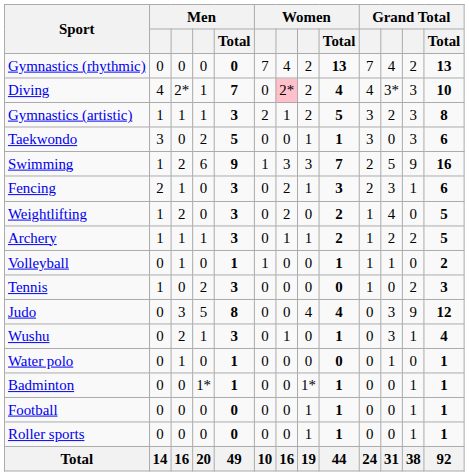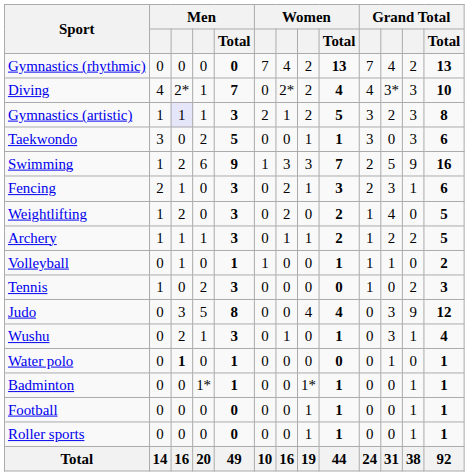 <table class="wikitable" style="font-size: 95%">
 <tr>
 <th rowspan=2>Sport</th>
 <th colspan=4>Men</th>
 <th colspan=4>Women</th>
 <th colspan=4>Grand Total</th>
 </tr>
 <tr>
 <th></th>
 <th></th>
 <th></th>
 <th>Total</th>
 <th></th>
 <th></th>
 <th></th>
 <th>Total</th>
 <th></th>
 <th></th>
 <th></th>
 <th>Total</th>
 </tr>
 <tr align=center>
 <td align=left><a href='#'>Gymnastics (rhythmic)</a></td>
 <td>0</td>
 <td>0</td>
 <td>0</td>
 <td><strong>0</strong></td>
 <td>7</td>
 <td>4</td>
 <td>2</td>
 <td><strong>13</strong></td>
 <td>7</td>
 <td>4</td>
 <td>2</td>
 <td><strong>13</strong></td>
 </tr>
 <tr align=center>
 <td align=left><a href='#'>Diving</a></td>
 <td>4</td>
 <td>2*</td>
 <td>1</td>
 <td><strong>7</strong></td>
 <td>0</td>
-<td style="background: pink;">2*</td>
+<td>2*</td>
 <td>2</td>
 <td><strong>4</strong></td>
 <td>4</td>
 <td>3*</td>
 <td>3</td>
 <td><strong>10</strong></td>
 </tr>
 <tr align=center>
 <td align=left><a href='#'>Gymnastics (artistic)</a></td>
 <td>1</td>
-<td>1</td>
+<td style="background: lavender;">1</td>
 <td>1</td>
 <td><strong>3</strong></td>
 <td>2</td>
 <td>1</td>
 <td>2</td>
 <td><strong>5</strong></td>
 <td>3</td>
 <td>2</td>
 <td>3</td>
 <td><strong>8</strong></td>
 </tr>
 <tr align=center>
 <td align=left><a href='#'>Taekwondo</a></td>
 <td>3</td>
 <td>0</td>
 <td>2</td>
 <td><strong>5</strong></td>
 <td>0</td>
 <td>0</td>
 <td>1</td>
 <td><strong>1</strong></td>
 <td>3</td>
 <td>0</td>
 <td>3</td>
 <td><strong>6</strong></td>
 </tr>
 <tr align=center>
 <td align=left><a href='#'>Swimming</a></td>
 <td>1</td>
 <td>2</td>
 <td>6</td>
 <td><strong>9</strong></td>
 <td>1</td>
 <td>3</td>
 <td>3</td>
 <td><strong>7</strong></td>
 <td>2</td>
 <td>5</td>
 <td>9</td>
 <td><strong>16</strong></td>
 </tr>
 <tr align=center>
 <td align=left><a href='#'>Fencing</a></td>
 <td>2</td>
 <td>1</td>
 <td>0</td>
 <td><strong>3</strong></td>
 <td>0</td>
 <td>2</td>
 <td>1</td>
 <td><strong>3</strong></td>
 <td>2</td>
 <td>3</td>
 <td>1</td>
 <td><strong>6</strong></td>
 </tr>
 <tr align=center>
 <td align=left><a href='#'>Weightlifting</a></td>
 <td>1</td>
 <td>2</td>
 <td>0</td>
 <td><strong>3</strong></td>
 <td>0</td>
 <td>2</td>
 <td>0</td>
 <td><strong>2</strong></td>
 <td>1</td>
 <td>4</td>
 <td>0</td>
 <td><strong>5</strong></td>
 </tr>
 <tr align=center>
 <td align=left><a href='#'>Archery</a></td>
 <td>1</td>
 <td>1</td>
 <td>1</td>
 <td><strong>3</strong></td>
 <td>0</td>
 <td>1</td>
 <td>1</td>
 <td><strong>2</strong></td>
 <td>1</td>
 <td>2</td>
 <td>2</td>
 <td><strong>5</strong></td>
 </tr>
 <tr align=center>
 <td align=left><a href='#'>Volleyball</a></td>
 <td>0</td>
 <td>1</td>
 <td>0</td>
 <td><strong>1</strong></td>
 <td>1</td>
 <td>0</td>
 <td>0</td>
 <td><strong>1</strong></td>
 <td>1</td>
 <td>1</td>
 <td>0</td>
 <td><strong>2</strong></td>
 </tr>
 <tr align=center>
 <td align=left><a href='#'>Tennis</a></td>
 <td>1</td>
 <td>0</td>
 <td>2</td>
 <td><strong>3</strong></td>
 <td>0</td>
 <td>0</td>
 <td>0</td>
 <td><strong>0</strong></td>
 <td>1</td>
 <td>0</td>
 <td>2</td>
 <td><strong>3</strong></td>
 </tr>
 <tr align=center>
 <td align=left><a href='#'>Judo</a></td>
 <td>0</td>
 <td>3</td>
 <td>5</td>
 <td><strong>8</strong></td>
 <td>0</td>
 <td>0</td>
 <td>4</td>
 <td><strong>4</strong></td>
 <td>0</td>
 <td>3</td>
 <td>9</td>
 <td><strong>12</strong></td>
 </tr>
 <tr align=center>
 <td align=left><a href='#'>Wushu</a></td>
 <td>0</td>
 <td>2</td>
 <td>1</td>
 <td><strong>3</strong></td>
 <td>0</td>
 <td>1</td>
 <td>0</td>
 <td><strong>1</strong></td>
 <td>0</td>
 <td>3</td>
 <td>1</td>
 <td><strong>4</strong></td>
 </tr>
 <tr align=center>
 <td align=left><a href='#'>Water polo</a></td>
 <td>0</td>
-<td>1</td>
+<td><strong>1</strong></td>
 <td>0</td>
 <td><strong>1</strong></td>
 <td>0</td>
 <td>0</td>
 <td>0</td>
 <td><strong>0</strong></td>
 <td>0</td>
 <td>1</td>
 <td>0</td>
 <td><strong>1</strong></td>
 </tr>
 <tr align=center>
 <td align=left><a href='#'>Badminton</a></td>
 <td>0</td>
 <td>0</td>
 <td>1*</td>
 <td><strong>1</strong></td>
 <td>0</td>
 <td>0</td>
 <td>1*</td>
 <td><strong>1</strong></td>
 <td>0</td>
 <td>0</td>
 <td>1</td>
 <td><strong>1</strong></td>
 </tr>
 <tr align=center>
 <td align=left><a href='#'>Football</a></td>
 <td>0</td>
 <td>0</td>
 <td>0</td>
 <td><strong>0</strong></td>
 <td>0</td>
 <td>0</td>
 <td>1</td>
 <td><strong>1</strong></td>
 <td>0</td>
 <td>0</td>
 <td>1</td>
 <td><strong>1</strong></td>
 </tr>
 <tr align=center>
 <td align=left><a href='#'>Roller sports</a></td>
 <td>0</td>
 <td>0</td>
 <td>0</td>
 <td><strong>0</strong></td>
 <td>0</td>
 <td>0</td>
 <td>1</td>
 <td><strong>1</strong></td>
 <td>0</td>
 <td>0</td>
 <td>1</td>
 <td><strong>1</strong></td>
 </tr>
 <tr align=center>
 <th>Total</th>
 <th>14</th>
 <th>16</th>
 <th>20</th>
 <th>49</th>
 <th>10</th>
 <th>16</th>
 <th>19</th>
 <th>44</th>
 <th>24</th>
 <th>31</th>
 <th>38</th>
 <th>92</th>
 </tr>
 </table>
